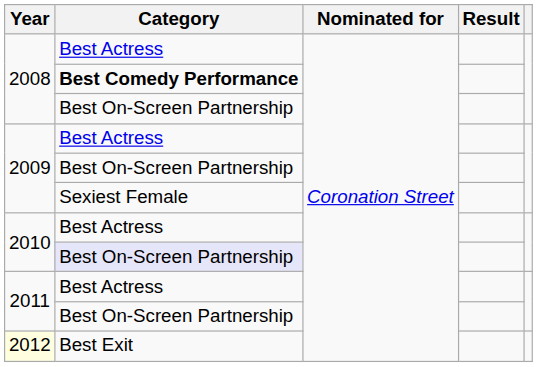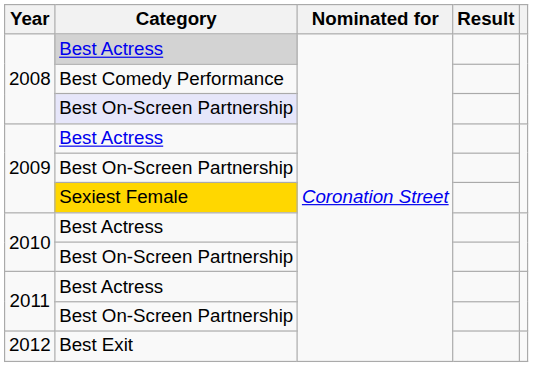 <table class="wikitable plainrowheaders">
 <tr>
 <th scope="col">Year</th>
 <th scope="col">Category</th>
 <th scope="col">Nominated for</th>
 <th scope="col">Result</th>
 <th scope="col"></th>
 </tr>
 <tr>
 <td rowspan = "3" align="center">2008</td>
-<td><a href='#'>Best Actress</a></td>
+<td style="background: lightgrey;"><a href='#'>Best Actress</a></td>
 <td rowspan = "11"><em><a href='#'>Coronation Street</a></em></td>
 <td></td>
 <td rowspan = "3" align="center"></td>
 </tr>
 <tr>
-<td><strong>Best Comedy Performance</strong></td>
+<td>Best Comedy Performance</td>
 <td></td>
 </tr>
 <tr>
-<td>Best On-Screen Partnership  </td>
+<td style="background: lavender;">Best On-Screen Partnership  </td>
 <td></td>
 </tr>
 <tr>
 <td rowspan = "3" align="center">2009</td>
 <td><a href='#'>Best Actress</a></td>
 <td></td>
 <td rowspan = "3" align="center"></td>
 </tr>
 <tr>
 <td>Best On-Screen Partnership  </td>
 <td></td>
 </tr>
 <tr>
-<td>Sexiest Female</td>
+<td style="background: gold;">Sexiest Female</td>
 <td></td>
 </tr>
 <tr>
 <td rowspan = "2" align="center">2010</td>
 <td>Best Actress</td>
 <td></td>
 <td rowspan = "2"></td>
 </tr>
 <tr>
-<td style="background: lavender;">Best On-Screen Partnership </td>
+<td>Best On-Screen Partnership </td>
 <td></td>
 </tr>
 <tr>
 <td rowspan = "2" align="center">2011</td>
 <td>Best Actress</td>
 <td></td>
 <td rowspan = "2"></td>
 </tr>
 <tr>
 <td>Best On-Screen Partnership </td>
 <td></td>
 </tr>
 <tr>
-<td align="center" style="background: lightyellow;">2012</td>
+<td align="center">2012</td>
 <td>Best Exit</td>
 <td></td>
 <td></td>
 </tr>
 </table>
